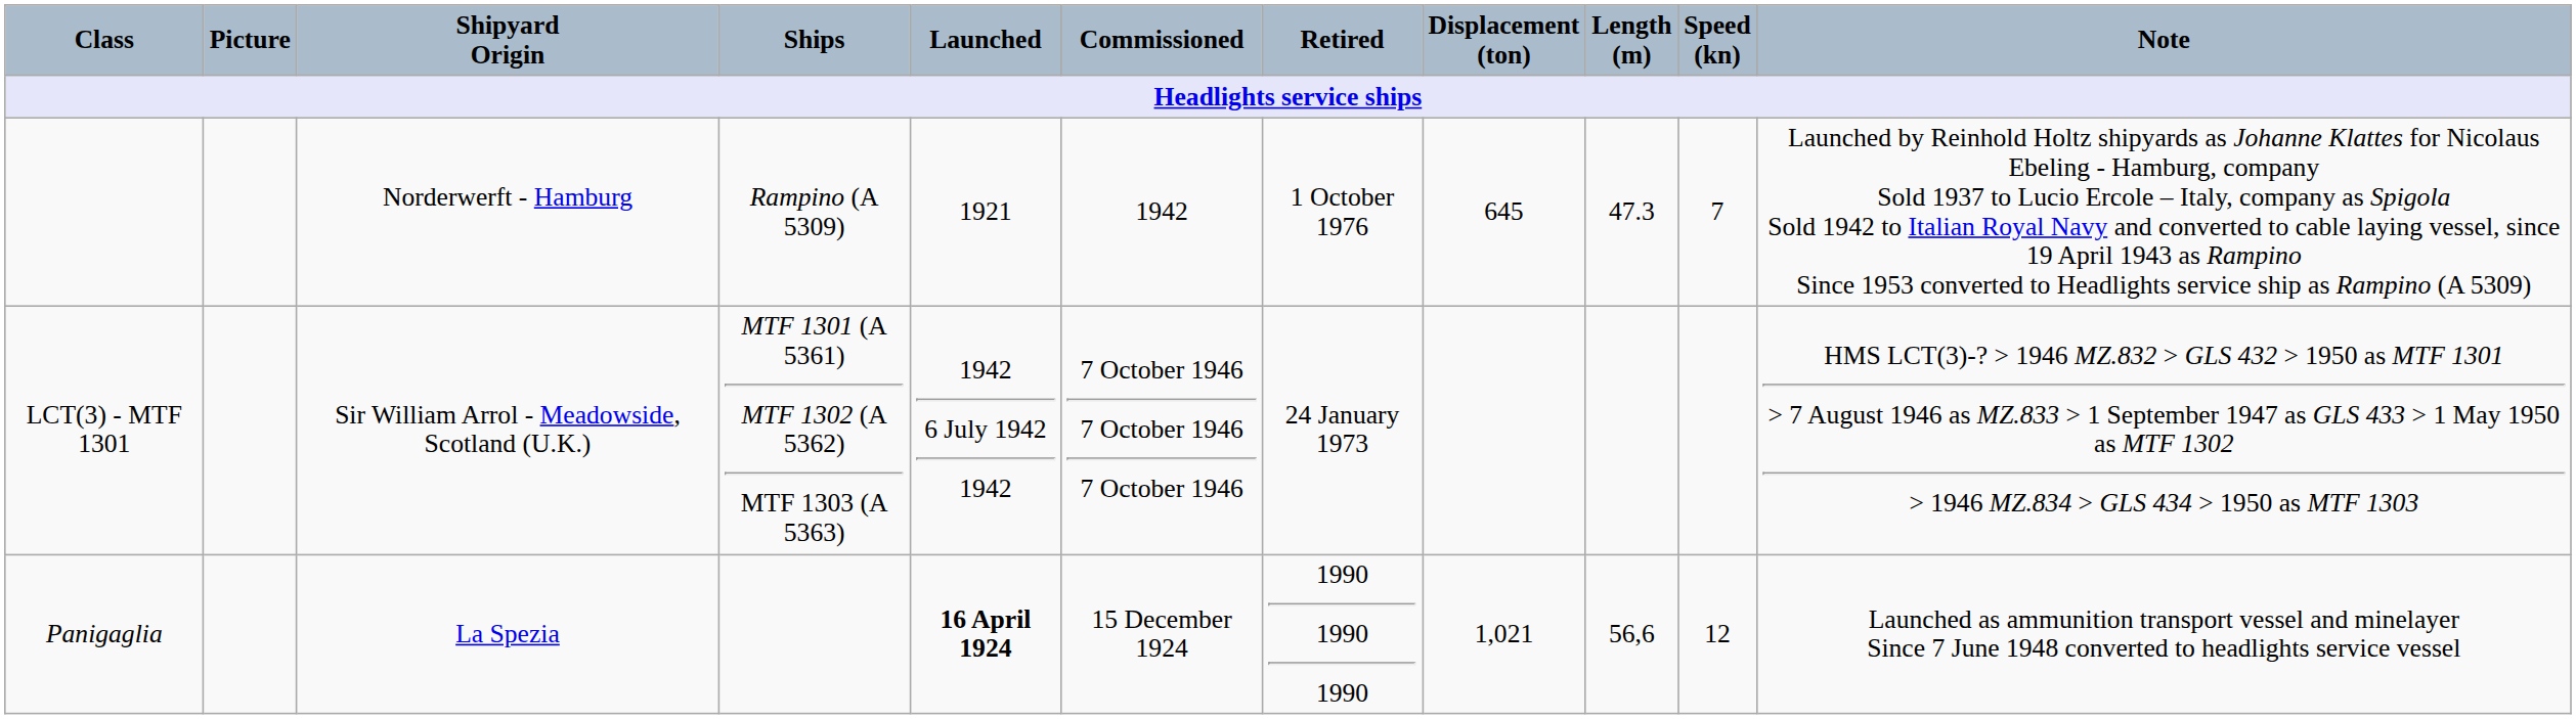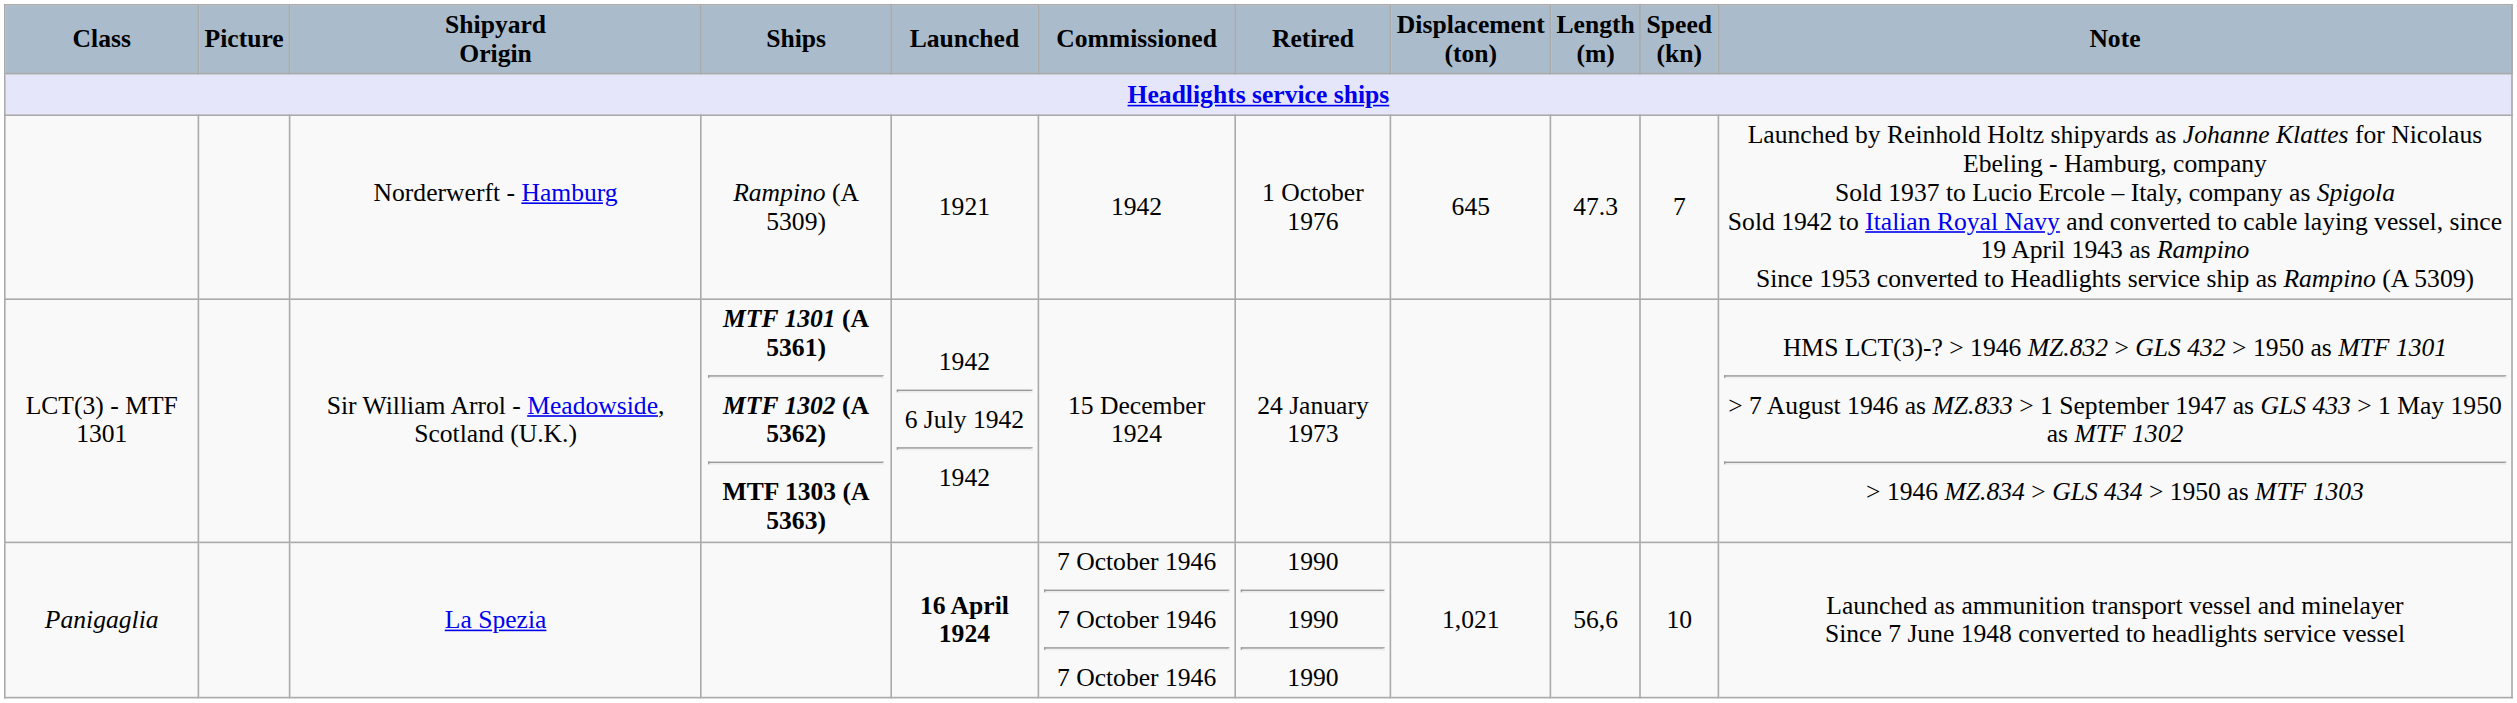 <table class="wikitable" style="text-align:center;">
 <tr>
 <th style="text-align: central; background: #aabccc;">Class</th>
 <th style="text-align: central; background: #aabccc;">Picture</th>
 <th style="text-align: central; background: #aabccc;">Shipyard<br>Origin</th>
 <th style="text-align: central; background: #aabccc;">Ships</th>
 <th style="text-align: central; background: #aabccc;">Launched</th>
 <th style="text-align: central; background: #aabccc;">Commissioned</th>
 <th style="text-align: central; background: #aabccc;">Retired</th>
 <th style="text-align: central; background: #aabccc;">Displacement<br>(ton)</th>
 <th style="text-align: central; background: #aabccc;">Length<br>(m)</th>
 <th style="text-align: central; background: #aabccc;">Speed<br>(kn)</th>
 <th style="text-align: central; background: #aabccc;">Note</th>
 </tr>
 <tr>
 <th style="align: center; background: lavender;" colspan="11"><strong><a href='#'>Headlights service ships</a></strong></th>
 </tr>
 <tr>
 <td></td>
 <td></td>
 <td>Norderwerft - <a href='#'>Hamburg</a><br><br></td>
 <td><em>Rampino</em> (A 5309)</td>
 <td>1921</td>
 <td>1942</td>
 <td>1 October 1976</td>
 <td>645</td>
 <td>47.3</td>
 <td>7</td>
 <td>Launched by Reinhold Holtz shipyards as <em>Johanne Klattes</em> for Nicolaus Ebeling - Hamburg, company<br>Sold 1937 to Lucio Ercole – Italy, company as <em>Spigola</em><br>Sold 1942 to <a href='#'>Italian Royal Navy</a> and converted to cable laying vessel, since 19 April 1943 as <em>Rampino</em><br>Since 1953 converted to Headlights service ship as <em>Rampino</em> (A 5309)</td>
 </tr>
 <tr>
 <td>LCT(3) - MTF 1301</td>
 <td></td>
 <td>Sir William Arrol - <a href='#'>Meadowside</a>, Scotland (U.K.)<br></td>
-<td><em>MTF 1301</em> (A 5361)<hr><em>MTF 1302</em> (A 5362) <hr>MTF 1303 (A 5363) </td>
+<td><strong><em>MTF 1301</em> (A 5361)<hr><em>MTF 1302</em> (A 5362) <hr>MTF 1303 (A 5363) </strong></td>
 <td>1942<hr>6 July 1942<hr>1942</td>
-<td>7 October 1946<hr>7 October 1946<hr>7 October 1946</td>
+<td>15 December 1924</td>
 <td>24 January 1973</td>
 <td></td>
 <td></td>
 <td></td>
 <td>HMS LCT(3)-? > 1946 <em>MZ.832</em> > <em>GLS 432</em> > 1950 as <em>MTF 1301</em><hr> > 7 August 1946 as <em>MZ.833</em> > 1 September 1947 as <em>GLS 433</em> > 1 May 1950 as <em>MTF 1302</em><hr> > 1946 <em>MZ.834</em> > <em>GLS 434</em> > 1950 as <em>MTF 1303</em></td>
 </tr>
 <tr>
 <td><em>Panigaglia</em></td>
 <td></td>
 <td><br><a href='#'>La Spezia</a><br><br></td>
 <td></td>
 <td><strong>16 April 1924</strong></td>
-<td>15 December 1924</td>
+<td>7 October 1946<hr>7 October 1946<hr>7 October 1946</td>
 <td>1990<hr>1990<hr>1990</td>
 <td>1,021</td>
 <td>56,6</td>
-<td>12</td>
+<td>10</td>
 <td>Launched as ammunition transport vessel and minelayer<br>Since 7 June 1948 converted to headlights service vessel</td>
 </tr>
 </table>
